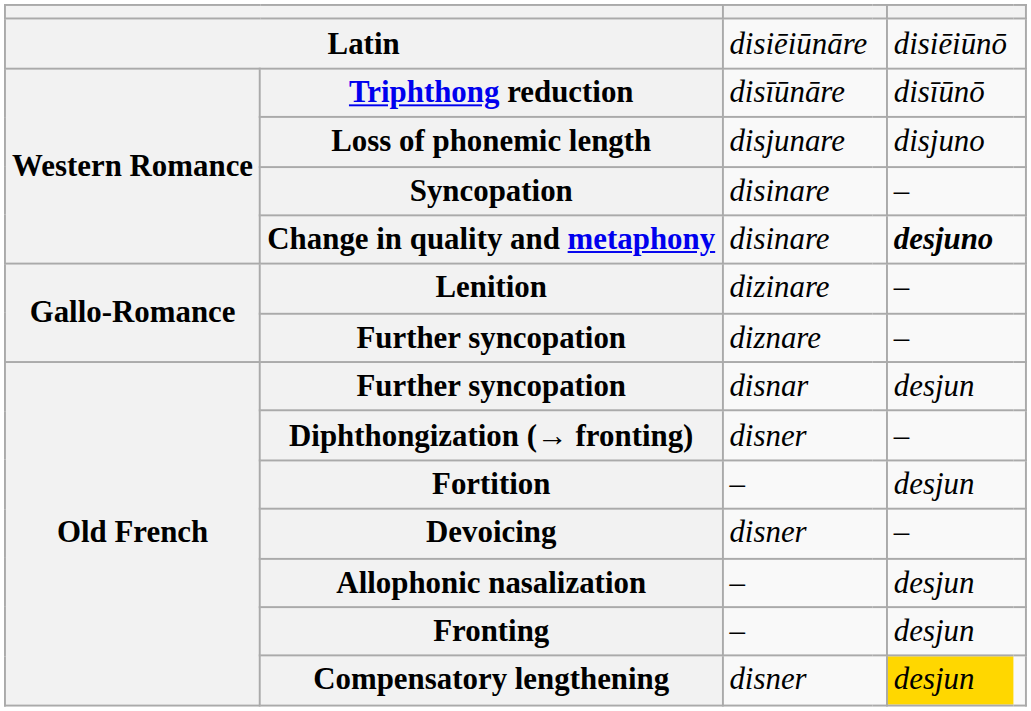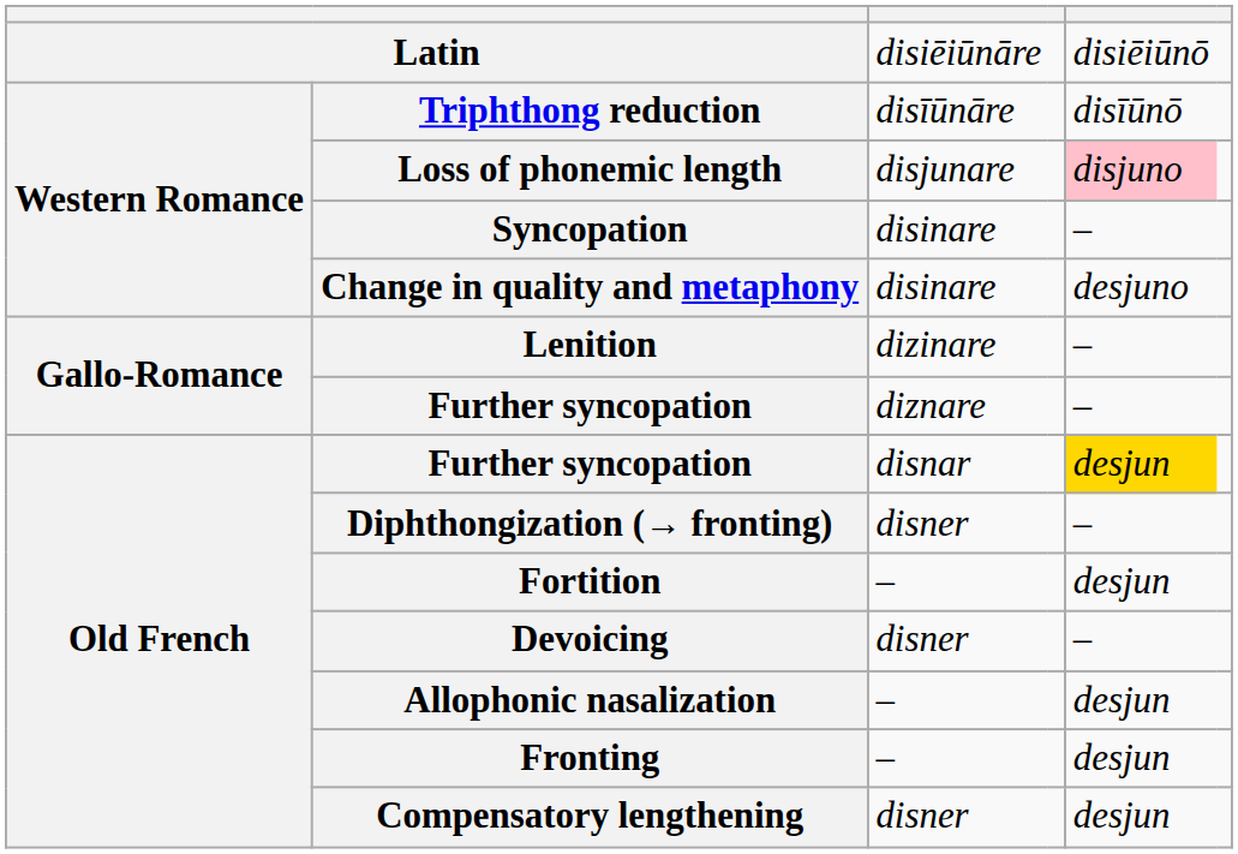 <table class="wikitable">
 <tr>
 <th colspan="2"></th>
 <th colspan="2"></th>
 <th colspan="2"></th>
 </tr>
 <tr>
 <th colspan="2">Latin</th>
 <td style="border-right:0"><em>disiēiūnāre</em></td>
 <td style="border-left:0"></td>
 <td style="border-right:0"><em>disiēiūnō</em></td>
 <td style="border-left:0"></td>
 </tr>
 <tr>
 <th rowspan="4">Western Romance</th>
 <th><a href='#'>Triphthong</a> reduction</th>
 <td style="border-right:0"><em>disīūnāre</em></td>
 <td style="border-left:0"></td>
 <td style="border-right:0"><em>disīūnō</em></td>
 <td style="border-left:0"></td>
 </tr>
 <tr>
 <th>Loss of phonemic length</th>
 <td style="border-right:0"><em>disjunare</em></td>
 <td style="border-left:0"></td>
-<td style="border-right:0"><em>disjuno</em></td>
+<td style="background: pink; border-right:0"><em>disjuno</em></td>
 <td style="border-left:0"></td>
 </tr>
 <tr>
 <th>Syncopation</th>
 <td style="border-right:0"><em>disinare</em></td>
 <td style="border-left:0"></td>
 <td colspan="2">–</td>
 </tr>
 <tr>
 <th>Change in quality and <a href='#'>metaphony</a></th>
 <td style="border-right:0"><em>disinare</em></td>
 <td style="border-left:0"></td>
-<td style="border-right:0"><strong><em>desjuno</em></strong></td>
+<td style="border-right:0"><em>desjuno</em></td>
 <td style="border-left:0"></td>
 </tr>
 <tr>
 <th rowspan="2">Gallo-Romance</th>
 <th>Lenition</th>
 <td style="border-right:0"><em>dizinare</em></td>
 <td style="border-left:0"></td>
 <td colspan="2">–</td>
 </tr>
 <tr>
 <th>Further syncopation</th>
 <td style="border-right:0"><em>diznare</em></td>
 <td style="border-left:0"></td>
 <td colspan="2">–</td>
 </tr>
 <tr>
 <th rowspan="7">Old French</th>
 <th>Further syncopation</th>
 <td style="border-right:0"><em>disnar</em></td>
 <td style="border-left:0"></td>
-<td style="border-right:0"><em>desjun</em></td>
+<td style="background: gold; border-right:0"><em>desjun</em></td>
 <td style="border-left:0"></td>
 </tr>
 <tr>
 <th>Diphthongization (→ fronting)</th>
 <td style="border-right:0"><em>disner</em></td>
 <td style="border-left:0"></td>
 <td colspan="2">–</td>
 </tr>
 <tr>
 <th>Fortition</th>
 <td colspan="2">–</td>
 <td style="border-right:0"><em>desjun</em></td>
 <td style="border-left:0"></td>
 </tr>
 <tr>
 <th>Devoicing</th>
 <td style="border-right:0"><em>disner</em></td>
 <td style="border-left:0"></td>
 <td colspan="2">–</td>
 </tr>
 <tr>
 <th>Allophonic nasalization</th>
 <td colspan="2">–</td>
 <td style="border-right:0"><em>desjun</em></td>
 <td style="border-left:0"></td>
 </tr>
 <tr>
 <th>Fronting</th>
 <td colspan="2">–</td>
 <td style="border-right:0"><em>desjun</em></td>
 <td style="border-left:0"></td>
 </tr>
 <tr>
 <th>Compensatory lengthening</th>
 <td style="border-right:0"><em>disner</em></td>
 <td style="border-left:0"></td>
-<td style="background: gold; border-right:0"><em>desjun</em></td>
+<td style="border-right:0"><em>desjun</em></td>
 <td style="border-left:0"></td>
 </tr>
 </table>
